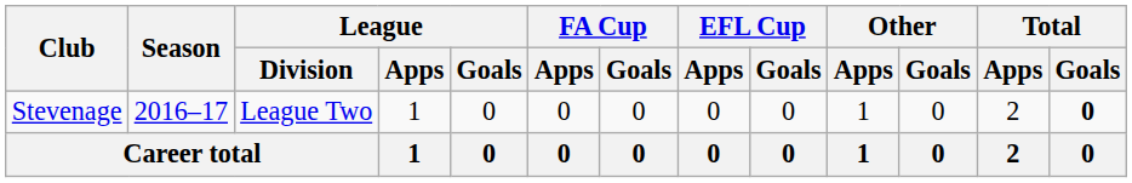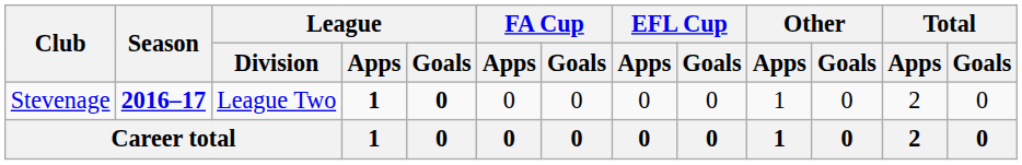 <table class="wikitable" style="text-align:center">
 <tr>
 <th rowspan="2">Club</th>
 <th rowspan="2">Season</th>
 <th colspan="3">League</th>
 <th colspan="2"><a href='#'>FA Cup</a></th>
 <th colspan="2"><a href='#'>EFL Cup</a></th>
 <th colspan="2">Other</th>
 <th colspan="2">Total</th>
 </tr>
 <tr>
 <th>Division</th>
 <th>Apps</th>
 <th>Goals</th>
 <th>Apps</th>
 <th>Goals</th>
 <th>Apps</th>
 <th>Goals</th>
 <th>Apps</th>
 <th>Goals</th>
 <th>Apps</th>
 <th>Goals</th>
 </tr>
 <tr>
 <td><a href='#'>Stevenage</a></td>
-<td><a href='#'>2016–17</a></td>
+<td><strong><a href='#'>2016–17</a></strong></td>
 <td><a href='#'>League Two</a></td>
-<td>1</td>
-<td>0</td>
+<td><strong>1</strong></td>
+<td><strong>0</strong></td>
 <td>0</td>
 <td>0</td>
 <td>0</td>
 <td>0</td>
 <td>1</td>
 <td>0</td>
 <td>2</td>
-<td><strong>0</strong></td>
+<td>0</td>
 </tr>
 <tr>
 <th colspan="3">Career total</th>
 <th>1</th>
 <th>0</th>
 <th>0</th>
 <th>0</th>
 <th>0</th>
 <th>0</th>
 <th>1</th>
 <th>0</th>
 <th>2</th>
 <th>0</th>
 </tr>
 </table>
